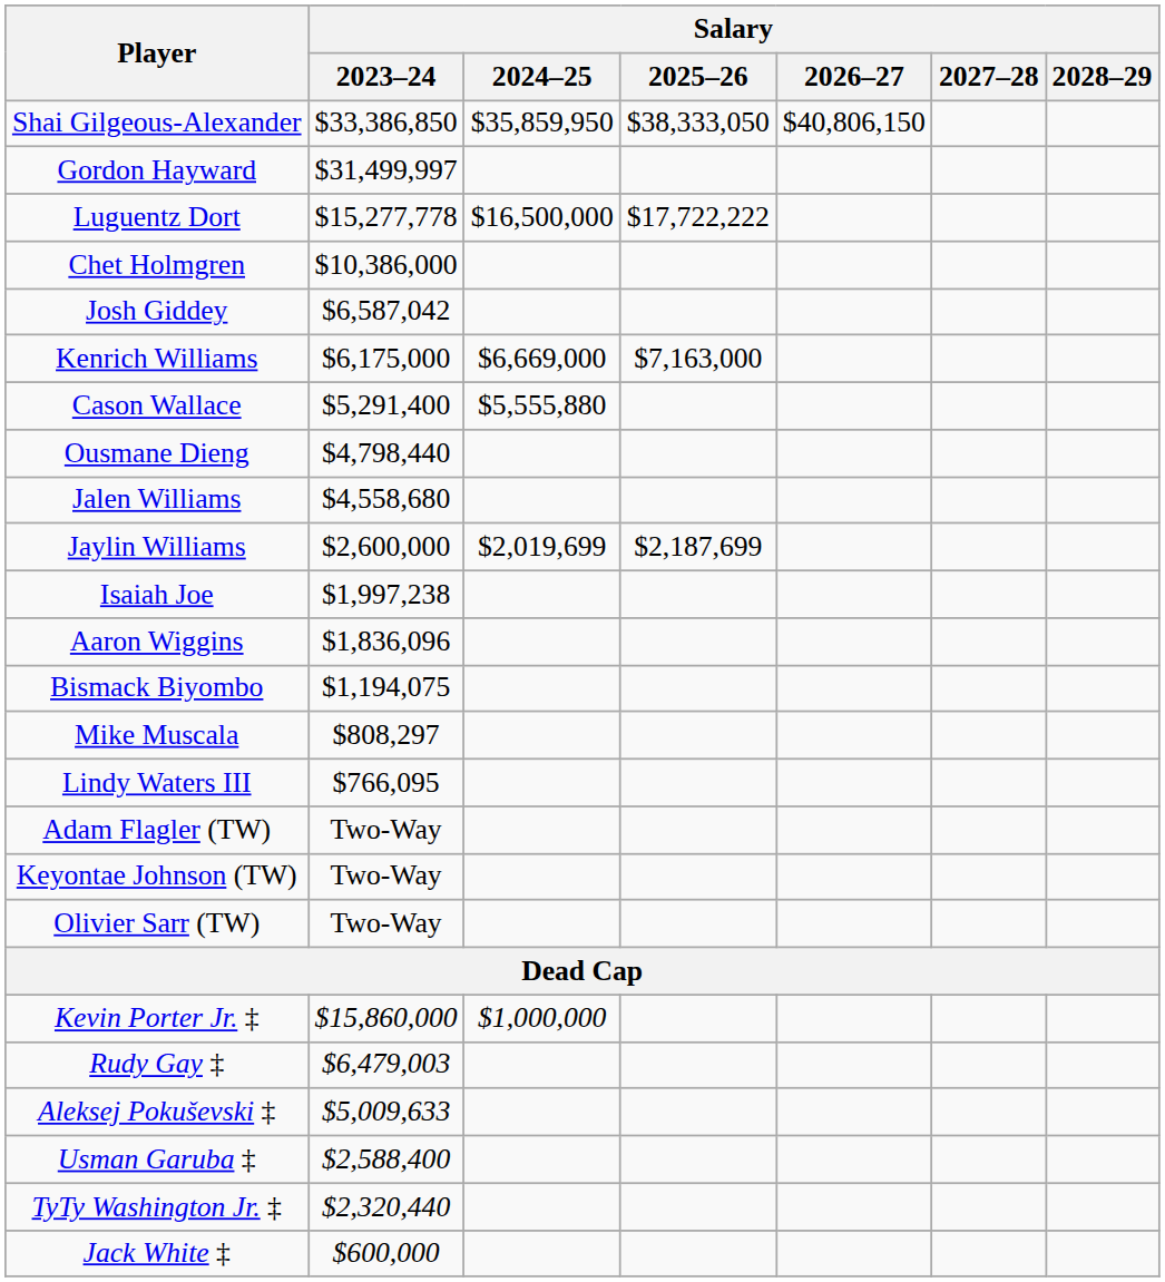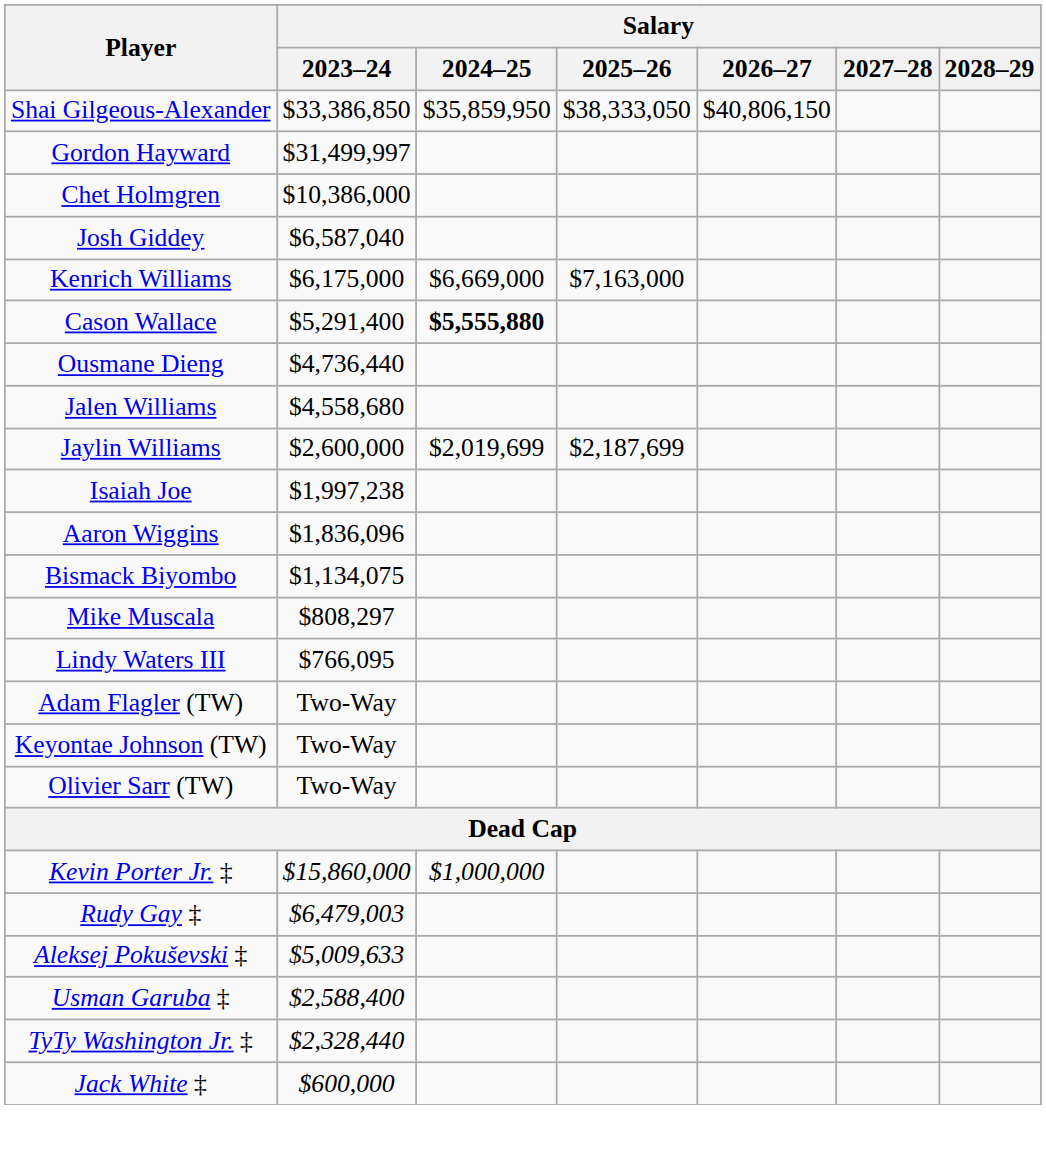 <table class="wikitable" style="font-size:90%; text-align:center;">
 <tr>
 <th rowspan="2">Player</th>
 <th colspan="6">Salary</th>
 </tr>
 <tr>
 <th>2023–24</th>
 <th>2024–25</th>
 <th>2025–26</th>
 <th>2026–27</th>
 <th>2027–28</th>
 <th>2028–29</th>
 </tr>
 <tr>
 <td><a href='#'>Shai Gilgeous-Alexander</a></td>
 <td>$33,386,850</td>
 <td>$35,859,950</td>
 <td>$38,333,050</td>
 <td>$40,806,150</td>
 <td><div></div></td>
 <td></td>
 </tr>
 <tr>
 <td><a href='#'>Gordon Hayward</a></td>
 <td>$31,499,997</td>
 <td><div></div></td>
 <td></td>
 <td></td>
 <td></td>
 <td></td>
 </tr>
 <tr>
-<td><a href='#'>Luguentz Dort</a></td>
-<td>$15,277,778</td>
-<td>$16,500,000</td>
-<td>$17,722,222</td>
-<td></td>
-<td><div></div></td>
-<td></td>
-</tr>
-<tr>
 <td><a href='#'>Chet Holmgren</a></td>
 <td>$10,386,000</td>
 <td></td>
 <td></td>
 <td><div></div></td>
 <td></td>
 <td></td>
 </tr>
 <tr>
 <td><a href='#'>Josh Giddey</a></td>
-<td>$6,587,042</td>
+<td>$6,587,040</td>
 <td></td>
 <td><div></div></td>
 <td></td>
 <td></td>
 <td></td>
 </tr>
 <tr>
 <td><a href='#'>Kenrich Williams</a></td>
 <td>$6,175,000</td>
 <td>$6,669,000</td>
 <td>$7,163,000</td>
 <td></td>
 <td><div></div></td>
 <td></td>
 </tr>
 <tr>
 <td><a href='#'>Cason Wallace</a></td>
 <td>$5,291,400</td>
-<td>$5,555,880</td>
+<td><strong>$5,555,880</strong></td>
 <td></td>
 <td></td>
 <td><div></div></td>
 <td></td>
 </tr>
 <tr>
 <td><a href='#'>Ousmane Dieng</a></td>
-<td>$4,798,440</td>
+<td>$4,736,440</td>
 <td></td>
 <td></td>
 <td><div></div></td>
 <td></td>
 <td></td>
 </tr>
 <tr>
 <td><a href='#'>Jalen Williams</a></td>
 <td>$4,558,680</td>
 <td></td>
 <td></td>
 <td><div></div></td>
 <td></td>
 <td></td>
 </tr>
 <tr>
 <td><a href='#'>Jaylin Williams</a></td>
 <td>$2,600,000</td>
 <td>$2,019,699</td>
 <td>$2,187,699</td>
 <td><div></div></td>
 <td></td>
 <td></td>
 </tr>
 <tr>
 <td><a href='#'>Isaiah Joe</a></td>
 <td>$1,997,238</td>
 <td></td>
 <td><div></div></td>
 <td></td>
 <td></td>
 <td></td>
 </tr>
 <tr>
 <td><a href='#'>Aaron Wiggins</a></td>
 <td>$1,836,096</td>
 <td></td>
 <td><div></div></td>
 <td></td>
 <td></td>
 <td></td>
 </tr>
 <tr>
 <td><a href='#'>Bismack Biyombo</a></td>
-<td>$1,194,075</td>
+<td>$1,134,075</td>
 <td><div></div></td>
 <td></td>
 <td></td>
 <td></td>
 <td></td>
 </tr>
 <tr>
 <td><a href='#'>Mike Muscala</a></td>
 <td>$808,297</td>
 <td><div></div></td>
 <td></td>
 <td></td>
 <td></td>
 <td></td>
 </tr>
 <tr>
 <td><a href='#'>Lindy Waters III</a></td>
 <td>$766,095</td>
 <td></td>
 <td><div></div></td>
 <td></td>
 <td></td>
 <td></td>
 </tr>
 <tr>
 <td><a href='#'>Adam Flagler</a> (TW)</td>
 <td>Two-Way</td>
 <td><div></div></td>
 <td></td>
 <td></td>
 <td></td>
 <td></td>
 </tr>
 <tr>
 <td><a href='#'>Keyontae Johnson</a> (TW)</td>
 <td>Two-Way</td>
 <td><div></div></td>
 <td></td>
 <td></td>
 <td></td>
 <td></td>
 </tr>
 <tr>
 <td><a href='#'>Olivier Sarr</a> (TW)</td>
 <td>Two-Way</td>
 <td><div></div></td>
 <td></td>
 <td></td>
 <td></td>
 <td></td>
 </tr>
 <tr>
 <th scope="row" colspan="7" style="text-align:center;”">Dead Cap</th>
 </tr>
 <tr>
 <td><em><a href='#'>Kevin Porter Jr.</a></em> ‡</td>
 <td><em>$15,860,000</em></td>
 <td><em>$1,000,000</em></td>
 <td></td>
 <td></td>
 <td></td>
 <td></td>
 </tr>
 <tr>
 <td><em><a href='#'>Rudy Gay</a></em> ‡</td>
 <td><em>$6,479,003</em></td>
 <td></td>
 <td></td>
 <td></td>
 <td></td>
 <td></td>
 </tr>
 <tr>
 <td><em><a href='#'>Aleksej Pokuševski</a></em> ‡</td>
 <td><em>$5,009,633</em></td>
 <td></td>
 <td></td>
 <td></td>
 <td></td>
 <td></td>
 </tr>
 <tr>
 <td><em><a href='#'>Usman Garuba</a></em> ‡</td>
 <td><em>$2,588,400</em></td>
 <td></td>
 <td></td>
 <td></td>
 <td></td>
 <td></td>
 </tr>
 <tr>
 <td><em><a href='#'>TyTy Washington Jr.</a></em> ‡</td>
-<td><em>$2,320,440</em></td>
+<td><em>$2,328,440</em></td>
 <td></td>
 <td></td>
 <td></td>
 <td></td>
 <td></td>
 </tr>
 <tr>
 <td><em><a href='#'>Jack White</a></em> ‡</td>
 <td><em>$600,000</em></td>
 <td></td>
 <td></td>
 <td></td>
 <td></td>
 <td></td>
 </tr>
 </table>
